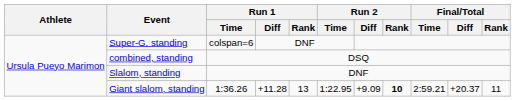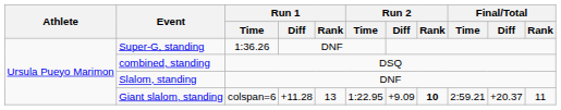 <table class="wikitable" style="font-size:90%">
 <tr>
 <th rowspan="2">Athlete</th>
 <th rowspan="2">Event</th>
 <th colspan="3">Run 1</th>
 <th colspan="3">Run 2</th>
 <th colspan="3">Final/Total</th>
 </tr>
 <tr>
 <th>Time</th>
 <th>Diff</th>
 <th>Rank</th>
 <th>Time</th>
 <th>Diff</th>
 <th>Rank</th>
 <th>Time</th>
 <th>Diff</th>
 <th>Rank</th>
 </tr>
 <tr>
 <td rowspan=4><a href='#'>Ursula Pueyo Marimon</a></td>
 <td><a href='#'>Super-G, standing</a></td>
-<td>colspan=6 </td>
+<td align="center">1:36.26</td>
 <td align="center" colspan=3>DNF</td>
 </tr>
 <tr>
 <td><a href='#'>combined, standing</a></td>
 <td align="center" colspan=9>DSQ</td>
 </tr>
 <tr>
 <td><a href='#'>Slalom, standing</a></td>
 <td align="center" colspan=9>DNF</td>
 </tr>
 <tr>
 <td><a href='#'>Giant slalom, standing</a></td>
-<td align="center">1:36.26</td>
+<td>colspan=6 </td>
 <td align="center">+11.28</td>
 <td align="center">13</td>
 <td align="center">1:22.95</td>
 <td align="center">+9.09</td>
 <td align="center"><strong>10</strong></td>
 <td align="center">2:59.21</td>
 <td align="center">+20.37</td>
 <td align="center">11</td>
 </tr>
 </table>
